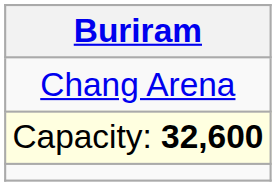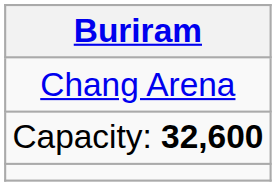 <table class="wikitable" style="text-align:center;margin:1em auto;">
 <tr>
 <th colspan="1"><a href='#'>Buriram</a></th>
 </tr>
 <tr>
 <td><a href='#'>Chang Arena</a></td>
 </tr>
 <tr>
-<td style="background: lightyellow;">Capacity: <strong>32,600</strong></td>
+<td>Capacity: <strong>32,600</strong></td>
 </tr>
 <tr>
 <td></td>
 </tr>
 </table>
